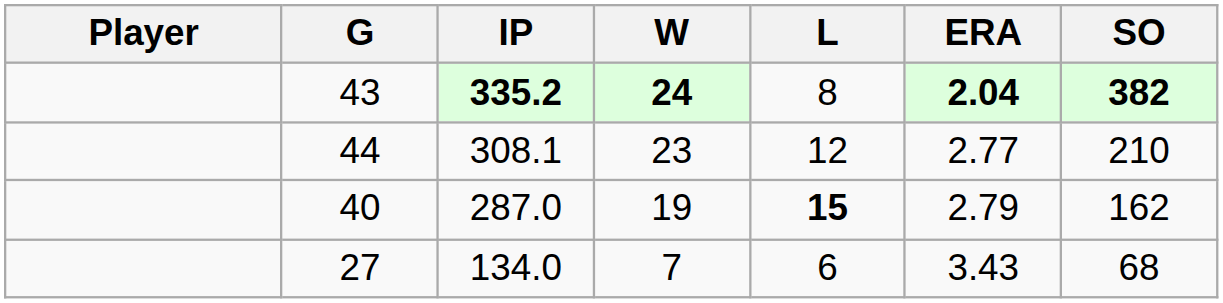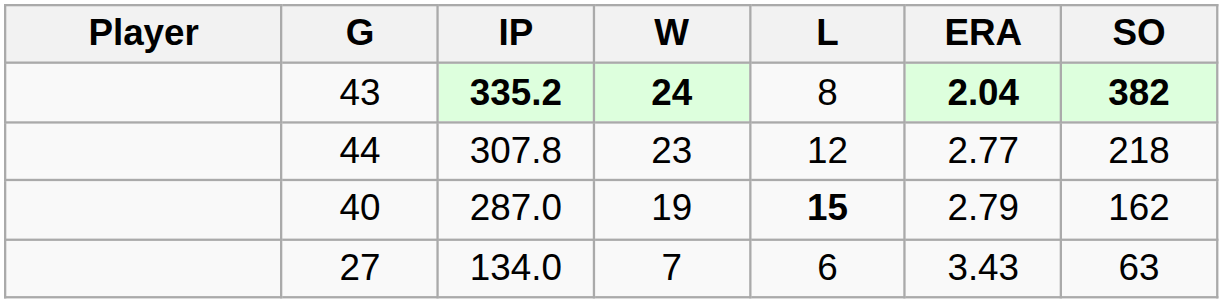 <table class="wikitable sortable">
 <tr>
 <th bgcolor="#DDDDFF" width="16%">Player</th>
 <th bgcolor="#DDDDFF" width="9%">G</th>
 <th bgcolor="#DDDDFF" width="9%">IP</th>
 <th bgcolor="#DDDDFF" width="9%">W</th>
 <th bgcolor="#DDDDFF" width="9%">L</th>
 <th bgcolor="#DDDDFF" width="9%">ERA</th>
 <th bgcolor="#DDDDFF" width="9%">SO</th>
 </tr>
 <tr align="center">
 <td></td>
 <td>43</td>
 <td style="background:#DDFFDD;"><strong>335.2</strong></td>
 <td style="background:#DDFFDD;"><strong>24</strong></td>
 <td>8</td>
 <td style="background:#DDFFDD;"><strong>2.04</strong></td>
 <td style="background:#DDFFDD;"><strong>382</strong></td>
 </tr>
 <tr align="center">
 <td></td>
 <td>44</td>
-<td>308.1</td>
+<td>307.8</td>
 <td>23</td>
 <td>12</td>
 <td>2.77</td>
-<td>210</td>
+<td>218</td>
 </tr>
 <tr align="center">
 <td></td>
 <td>40</td>
 <td>287.0</td>
 <td>19</td>
 <td><strong>15</strong></td>
 <td>2.79</td>
 <td>162</td>
 </tr>
 <tr align="center">
 <td></td>
 <td>27</td>
 <td>134.0</td>
 <td>7</td>
 <td>6</td>
 <td>3.43</td>
-<td>68</td>
+<td>63</td>
 </tr>
 </table>
